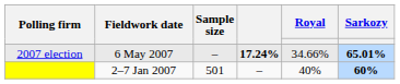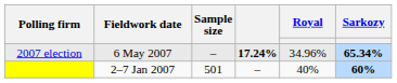 <table class="wikitable sortable" style="text-align:center;font-size:90%;line-height:14px;">
 <tr style="height:40px;">
 <th style="width:100px;" rowspan="2">Polling firm</th>
 <th style="width:110px;" rowspan="2">Fieldwork date</th>
 <th style="width:35px;" rowspan="2">Sample<br>size</th>
 <th style="width:30px;" rowspan="2"></th>
 <th class="unsortable" style="width:60px;"><a href='#'>Royal</a><br></th>
 <th class="unsortable" style="width:60px;"><a href='#'>Sarkozy</a><br></th>
 </tr>
 <tr>
 <th style="background:"></th>
 <th style="background:"></th>
 </tr>
 <tr style="background:#E9E9E9;">
 <td><a href='#'>2007 election</a></td>
 <td data-sort-value="2007-05-06">6 May 2007</td>
 <td>–</td>
 <td><strong>17.24%</strong></td>
-<td>34.66%</td>
-<td style="background:#B9DAFF;"><strong>65.01%</strong></td>
+<td>34.96%</td>
+<td style="background:#B9DAFF;"><strong>65.34%</strong></td>
 </tr>
 <tr>
 <td style="background:yellow;"></td>
 <td data-sort-value="2007-01-07">2–7 Jan 2007</td>
 <td>501</td>
 <td>–</td>
 <td>40%</td>
 <td style="background:#B9DAFF;"><strong>60%</strong></td>
 </tr>
 </table>
